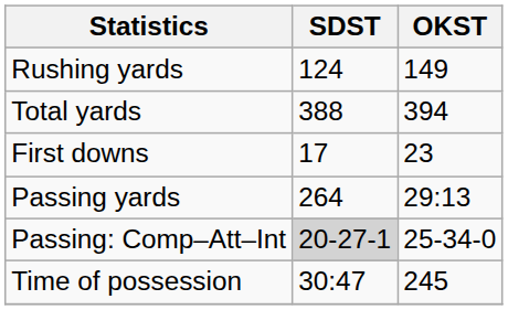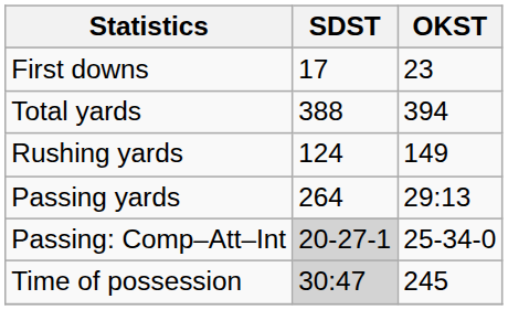 <table class="wikitable" style="float: left;">
 <tr>
 <th>Statistics</th>
 <th>SDST</th>
 <th>OKST</th>
 </tr>
 <tr>
-<td>Rushing yards</td>
-<td>124</td>
-<td>149</td>
+<td>First downs</td>
+<td>17</td>
+<td>23</td>
 </tr>
 <tr>
 <td>Total yards</td>
 <td>388</td>
 <td>394</td>
 </tr>
 <tr>
-<td>First downs</td>
-<td>17</td>
-<td>23</td>
+<td>Rushing yards</td>
+<td>124</td>
+<td>149</td>
 </tr>
 <tr>
 <td>Passing yards</td>
 <td>264</td>
 <td>29:13</td>
 </tr>
 <tr>
 <td>Passing: Comp–Att–Int</td>
 <td style="background: lightgrey;">20-27-1</td>
 <td>25-34-0</td>
 </tr>
 <tr>
 <td>Time of possession</td>
-<td>30:47</td>
+<td style="background: lightgrey;">30:47</td>
 <td>245</td>
 </tr>
 <tr>
 </tr>
 </table>
